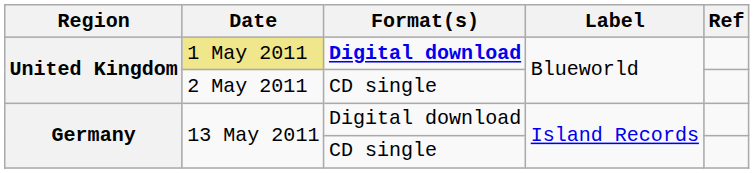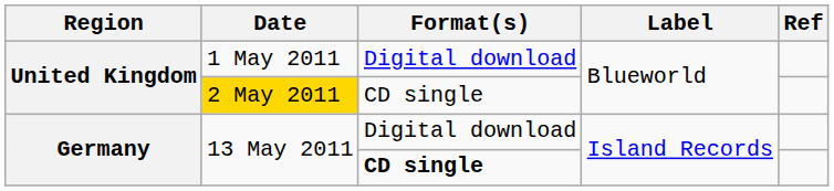 <table class="wikitable plainrowheaders">
 <tr>
 <th scope="col">Region</th>
 <th scope="col">Date</th>
 <th scope="col">Format(s)</th>
 <th scope="col">Label</th>
 <th scope="col">Ref</th>
 </tr>
 <tr>
 <th scope="row" rowspan="2">United Kingdom</th>
-<td style="background: khaki;">1 May 2011</td>
-<td><strong><a href='#'>Digital download</a></strong></td>
+<td>1 May 2011</td>
+<td><a href='#'>Digital download</a></td>
 <td rowspan="2">Blueworld</td>
 <td align="center"></td>
 </tr>
 <tr>
-<td>2 May 2011</td>
+<td style="background: gold;">2 May 2011</td>
 <td>CD single</td>
 <td align="center"></td>
 </tr>
 <tr>
 <th scope="row" rowspan="2">Germany</th>
 <td rowspan="2">13 May 2011</td>
 <td>Digital download</td>
 <td rowspan="2"><a href='#'>Island Records</a></td>
 <td align="center"></td>
 </tr>
 <tr>
-<td>CD single</td>
+<td><strong>CD single</strong></td>
 <td align="center"></td>
 </tr>
 </table>
